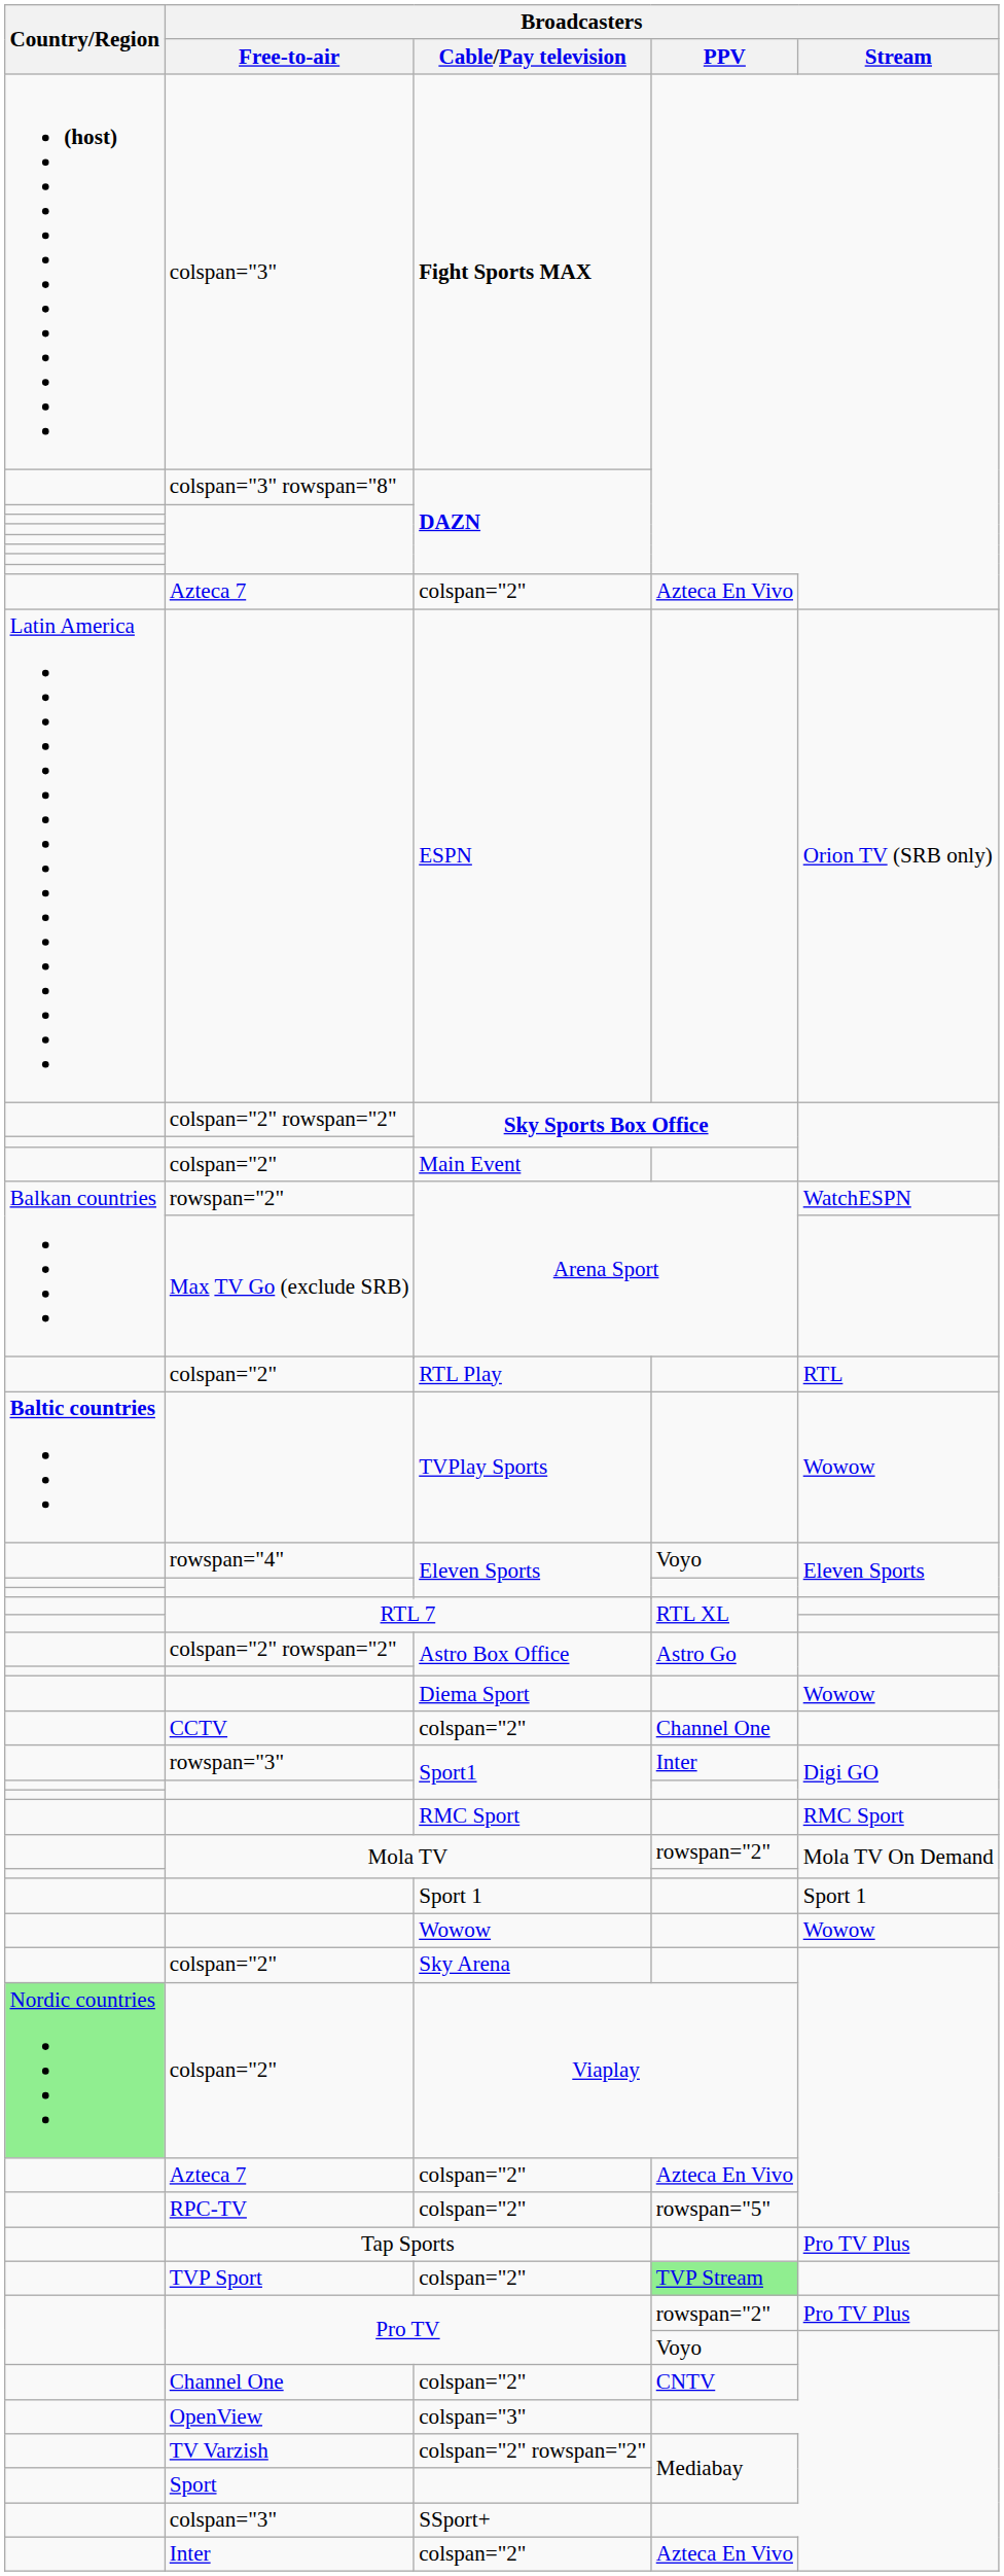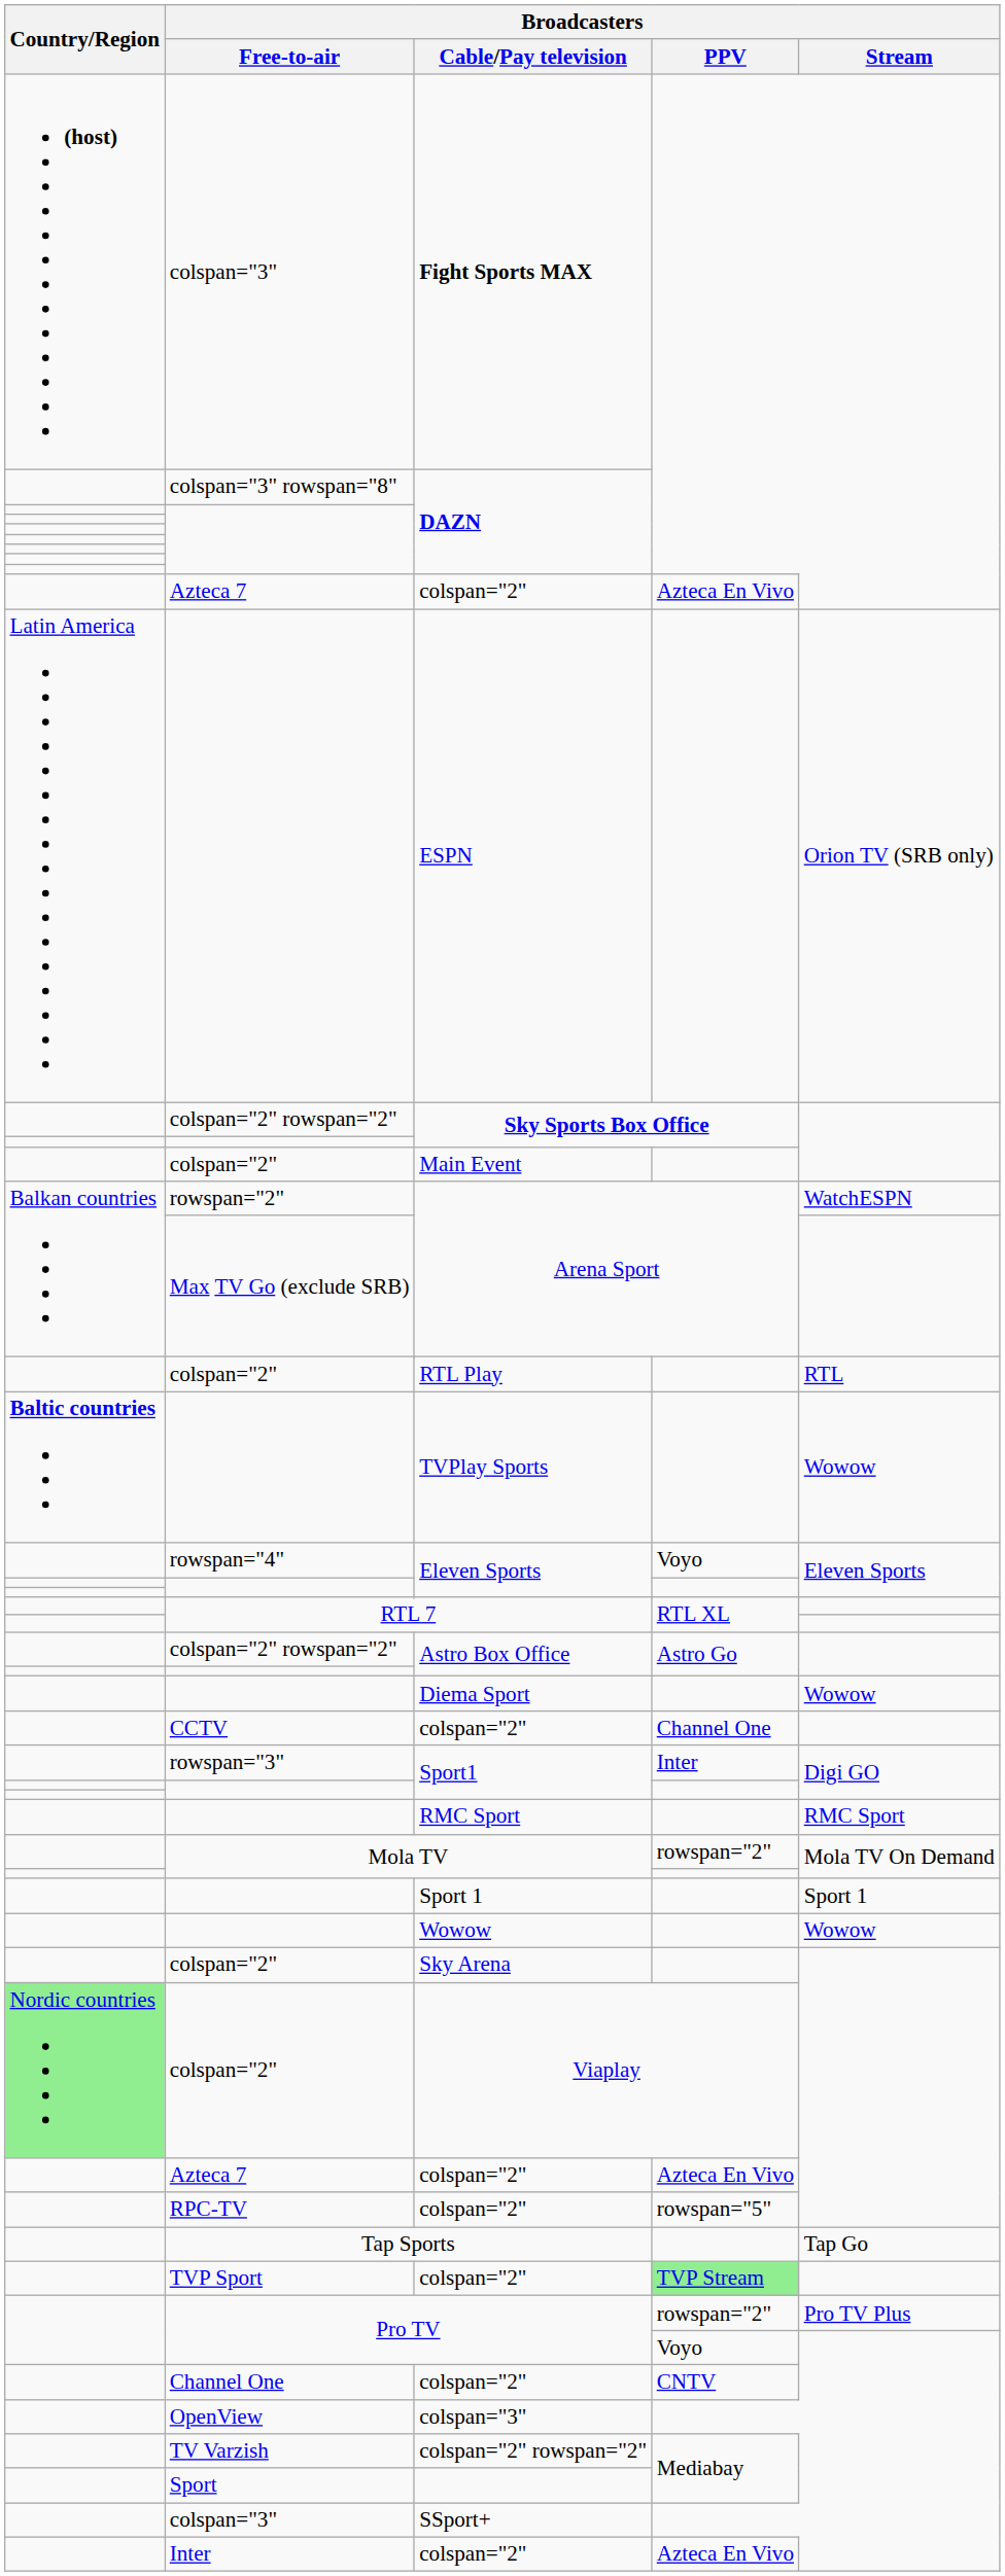 <table class="wikitable">
 <tr>
 <th rowspan="2">Country/Region</th>
 <th colspan="4">Broadcasters</th>
 </tr>
 <tr>
 <th><a href='#'>Free-to-air</a></th>
 <th><a href='#'>Cable</a><strong>/</strong><a href='#'>Pay television</a></th>
 <th><a href='#'>PPV</a></th>
 <th><a href='#'>Stream</a></th>
 </tr>
 <tr>
 <td><strong></strong><br><ul><li><strong> (host)</strong></li><li></li><li></li><li></li><li></li><li></li><li></li><li></li><li></li><li></li><li></li><li></li><li></li></ul></td>
 <td>colspan="3" </td>
 <td><strong>Fight Sports MAX</strong></td>
 </tr>
 <tr>
 <td><strong></strong></td>
 <td>colspan="3" rowspan="8" </td>
 <td rowspan="8"><strong><a href='#'>DAZN</a></strong></td>
 </tr>
 <tr>
 <td></td>
 </tr>
 <tr>
 <td></td>
 </tr>
 <tr>
 <td></td>
 </tr>
 <tr>
 <td></td>
 </tr>
 <tr>
 <td></td>
 </tr>
 <tr>
 <td></td>
 </tr>
 <tr>
 <td></td>
 </tr>
 <tr>
 <td></td>
 <td><a href='#'>Azteca 7</a></td>
 <td>colspan="2" </td>
 <td><a href='#'>Azteca En Vivo</a></td>
 </tr>
 <tr>
 <td><a href='#'>Latin America</a><br><ul><li></li><li></li><li></li><li></li><li></li><li></li><li></li><li></li><li></li><li></li><li><strong></strong></li><li></li><li></li><li></li><li></li><li></li><li></li></ul></td>
 <td></td>
 <td><a href='#'>ESPN</a></td>
 <td></td>
 <td><a href='#'>Orion TV</a> (SRB only)</td>
 </tr>
 <tr>
 <td><strong></strong></td>
 <td>colspan="2" rowspan="2" </td>
 <td colspan="2" rowspan="2" align="center"><strong><a href='#'>Sky Sports Box Office</a></strong></td>
 </tr>
 <tr>
 <td></td>
 </tr>
 <tr>
 <td></td>
 <td>colspan="2" </td>
 <td><a href='#'>Main Event</a></td>
 <td></td>
 </tr>
 <tr>
 <td rowspan="2"><a href='#'>Balkan countries</a><br><ul><li></li><li></li><li></li><li></li></ul></td>
 <td>rowspan="2" </td>
 <td colspan="2" rowspan="3" align="center"><a href='#'>Arena Sport</a></td>
 <td><a href='#'>WatchESPN</a></td>
 </tr>
 <tr>
 <td rowspan="2"><a href='#'>Max</a> <a href='#'>TV Go</a> (exclude SRB)</td>
 </tr>
 <tr>
 <td rowspan="2"></td>
 <td rowspan="2"><a href='#'>RTL</a></td>
 </tr>
 <tr>
 <td>colspan="2" </td>
 <td><a href='#'>RTL Play</a></td>
 </tr>
 <tr>
 <td><strong><a href='#'>Baltic countries</a><br><ul><li></li><li></li><li></li></ul></strong></td>
 <td></td>
 <td><a href='#'>TVPlay Sports</a></td>
 <td></td>
 <td><a href='#'>Wowow</a></td>
 </tr>
 <tr>
 <td></td>
 <td>rowspan="4" </td>
 <td rowspan="4"><a href='#'>Eleven Sports</a></td>
 <td>Voyo</td>
 <td rowspan="4"><a href='#'>Eleven Sports</a></td>
 </tr>
 <tr>
 <td></td>
 </tr>
 <tr>
 <td></td>
 </tr>
 <tr>
 <td rowspan="2"></td>
 </tr>
 <tr>
 <td colspan="2" rowspan="2" align="center"><a href='#'>RTL 7</a></td>
 <td rowspan="2"><a href='#'>RTL XL</a></td>
 </tr>
 <tr>
 <td></td>
 <td></td>
 </tr>
 <tr>
 <td></td>
 <td>colspan="2" rowspan="2" </td>
 <td rowspan="2"><a href='#'>Astro Box Office</a></td>
 <td rowspan="2"><a href='#'>Astro Go</a></td>
 </tr>
 <tr>
 <td></td>
 </tr>
 <tr>
 <td></td>
 <td></td>
 <td><a href='#'>Diema Sport</a></td>
 <td></td>
 <td><a href='#'>Wowow</a></td>
 </tr>
 <tr>
 <td></td>
 <td><a href='#'>CCTV</a></td>
 <td>colspan="2" </td>
 <td><a href='#'>Channel One</a></td>
 </tr>
 <tr>
 <td></td>
 <td>rowspan="3" </td>
 <td rowspan="3"><a href='#'>Sport1</a></td>
 <td><a href='#'>Inter</a></td>
 <td rowspan="3"><a href='#'>Digi GO</a></td>
 </tr>
 <tr>
 <td></td>
 </tr>
 <tr>
 <td></td>
 </tr>
 <tr>
 <td></td>
 <td></td>
 <td><a href='#'>RMC Sport</a></td>
 <td></td>
 <td><a href='#'>RMC Sport</a></td>
 </tr>
 <tr>
 <td></td>
 <td colspan="2" rowspan="2" align="center">Mola TV</td>
 <td>rowspan="2" </td>
 <td rowspan="2">Mola TV On Demand</td>
 </tr>
 <tr>
 <td></td>
 </tr>
 <tr>
 <td></td>
 <td></td>
 <td>Sport 1</td>
 <td></td>
 <td>Sport 1</td>
 </tr>
 <tr>
 <td></td>
 <td></td>
 <td><a href='#'>Wowow</a></td>
 <td></td>
 <td><a href='#'>Wowow</a></td>
 </tr>
 <tr>
 <td></td>
 <td>colspan="2" </td>
 <td><a href='#'>Sky Arena</a></td>
 <td></td>
 </tr>
 <tr>
 <td style="background: lightgreen;"><a href='#'>Nordic countries</a><br><ul><li></li><li></li><li></li><li></li></ul></td>
 <td>colspan="2" </td>
 <td colspan="2" align="center"><a href='#'>Viaplay</a></td>
 </tr>
 <tr>
 <td></td>
 <td><a href='#'>Azteca 7</a></td>
 <td>colspan="2" </td>
 <td><a href='#'>Azteca En Vivo</a></td>
 </tr>
 <tr>
 <td></td>
 <td><a href='#'>RPC-TV</a></td>
 <td>colspan="2" </td>
 <td>rowspan="5" </td>
 </tr>
 <tr>
 <td></td>
 <td colspan="2" align="center">Tap Sports</td>
 <td></td>
-<td><a href='#'>Pro TV Plus</a></td>
+<td>Tap Go</td>
 </tr>
 <tr>
 <td></td>
 <td><a href='#'>TVP Sport</a></td>
 <td>colspan="2" </td>
 <td style="background: lightgreen;"><a href='#'>TVP Stream</a></td>
 </tr>
 <tr>
 <td rowspan="2"></td>
 <td colspan="2" rowspan="2" align="center"><a href='#'>Pro TV</a></td>
 <td>rowspan="2"  </td>
 <td><a href='#'>Pro TV Plus</a></td>
 </tr>
 <tr>
 <td>Voyo</td>
 </tr>
 <tr>
 <td></td>
 <td><a href='#'>Channel One</a></td>
 <td>colspan="2" </td>
 <td><a href='#'>CNTV</a></td>
 </tr>
 <tr>
 <td></td>
 <td><a href='#'>OpenView</a></td>
 <td>colspan="3" </td>
 </tr>
 <tr>
 <td></td>
 <td><a href='#'>TV Varzish</a></td>
 <td>colspan="2" rowspan="2" </td>
 <td rowspan="2">Mediabay</td>
 </tr>
 <tr>
 <td></td>
 <td><a href='#'>Sport</a></td>
 </tr>
 <tr>
 <td></td>
 <td>colspan="3" </td>
 <td>SSport+</td>
 </tr>
 <tr>
 <td></td>
 <td><a href='#'>Inter</a></td>
 <td>colspan="2" </td>
 <td><a href='#'>Azteca En Vivo</a></td>
 </tr>
 </table>
